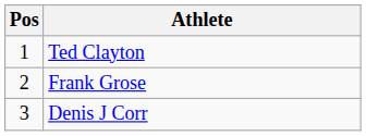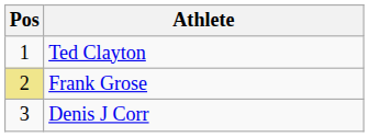 <table class="wikitable" style="font-size: 100%">
 <tr>
 <th width=20>Pos</th>
 <th width=250>Athlete</th>
 </tr>
 <tr align=center>
 <td>1</td>
 <td align="left"> <a href='#'>Ted Clayton</a></td>
 </tr>
 <tr align=center>
-<td>2</td>
+<td style="background: khaki;">2</td>
 <td align="left"> <a href='#'>Frank Grose</a></td>
 </tr>
 <tr align=center>
 <td>3</td>
 <td align="left"> <a href='#'>Denis J Corr</a></td>
 </tr>
 </table>
